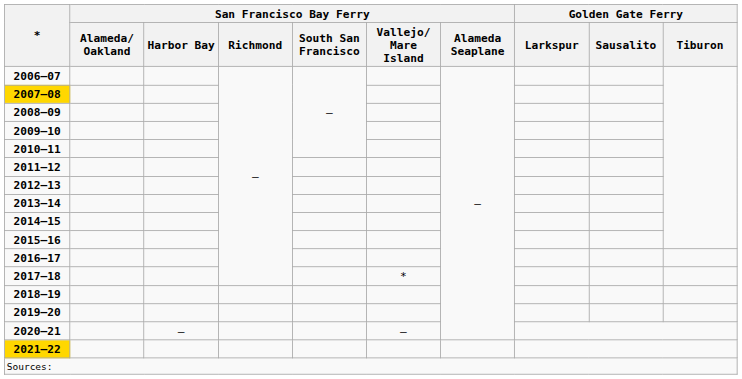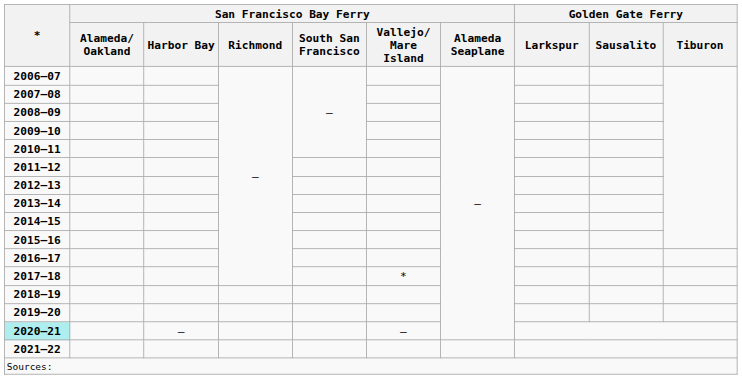 <table class="wikitable" border="1">
 <tr>
 <th style="width: 70px" rowspan=2>*</th>
 <th colspan=6>San Francisco Bay Ferry</th>
 <th colspan=3>Golden Gate Ferry</th>
 </tr>
 <tr>
 <th style="width: 80px">Alameda/<br>Oakland</th>
 <th style="width: 80px">Harbor Bay</th>
 <th style="width: 80px">Richmond</th>
 <th style="width: 80px">South San Francisco</th>
 <th style="width: 80px">Vallejo/<br>Mare Island</th>
 <th style="width: 80px">Alameda<br>Seaplane</th>
 <th style="width: 80px">Larkspur</th>
 <th style="width: 80px">Sausalito</th>
 <th style="width: 80px">Tiburon</th>
 </tr>
 <tr style="text-align:center;">
 <td><strong>2006–07</strong></td>
 <td></td>
 <td></td>
 <td rowspan=12>—</td>
 <td rowspan=5>—</td>
 <td></td>
 <td rowspan=15>—</td>
 <td></td>
 <td></td>
 </tr>
 <tr style="text-align:center;">
-<td style="background: gold;"><strong>2007–08</strong></td>
+<td><strong>2007–08</strong></td>
 <td></td>
 <td></td>
 <td></td>
 <td></td>
 <td></td>
 </tr>
 <tr style="text-align:center;">
 <td><strong>2008–09</strong></td>
 <td></td>
 <td></td>
 <td></td>
 <td></td>
 <td></td>
 </tr>
 <tr style="text-align:center;">
 <td><strong>2009–10</strong></td>
 <td></td>
 <td></td>
 <td></td>
 <td></td>
 <td></td>
 </tr>
 <tr style="text-align:center;">
 <td><strong>2010–11</strong></td>
 <td></td>
 <td></td>
 <td></td>
 <td></td>
 <td></td>
 </tr>
 <tr style="text-align:center;">
 <td><strong>2011–12</strong></td>
 <td></td>
 <td></td>
 <td></td>
 <td></td>
 <td></td>
 <td></td>
 </tr>
 <tr style="text-align:center;">
 <td><strong>2012–13</strong></td>
 <td></td>
 <td></td>
 <td></td>
 <td></td>
 <td></td>
 <td></td>
 </tr>
 <tr style="text-align:center;">
 <td><strong>2013–14</strong></td>
 <td></td>
 <td></td>
 <td></td>
 <td></td>
 <td></td>
 <td></td>
 </tr>
 <tr style="text-align:center;">
 <td><strong>2014–15</strong></td>
 <td></td>
 <td></td>
 <td></td>
 <td></td>
 <td></td>
 <td></td>
 </tr>
 <tr style="text-align:center;">
 <td><strong>2015–16</strong></td>
 <td></td>
 <td></td>
 <td></td>
 <td></td>
 <td></td>
 <td></td>
 </tr>
 <tr style="text-align:center;">
 <td><strong>2016–17</strong></td>
 <td></td>
 <td></td>
 <td></td>
 <td></td>
 <td></td>
 <td></td>
 <td></td>
 </tr>
 <tr style="text-align:center;">
 <td><strong>2017–18</strong></td>
 <td></td>
 <td></td>
 <td></td>
 <td>*</td>
 <td></td>
 <td></td>
 <td></td>
 </tr>
 <tr style="text-align:center;">
 <td><strong>2018–19</strong></td>
 <td></td>
 <td></td>
 <td></td>
 <td></td>
 <td></td>
 <td></td>
 <td></td>
 <td></td>
 </tr>
 <tr style="text-align:center;">
 <td><strong>2019–20</strong></td>
 <td></td>
 <td></td>
 <td></td>
 <td></td>
 <td></td>
 <td></td>
 <td></td>
 <td></td>
 </tr>
 <tr style="text-align:center;">
-<td><strong>2020–21</strong></td>
+<td style="background: paleturquoise;"><strong>2020–21</strong></td>
 <td></td>
 <td>—</td>
 <td></td>
 <td></td>
 <td>—</td>
 <td colspan=3></td>
 </tr>
 <tr style="text-align:center;">
-<td style="background: gold;"><strong>2021–22</strong></td>
+<td><strong>2021–22</strong></td>
 <td></td>
 <td></td>
 <td></td>
 <td></td>
 <td></td>
 <td></td>
 <td colspan=3></td>
 </tr>
 <tr>
 <td colspan=10 style="border-top:1px solid black; font-size:85%; text-align:left">Sources:</td>
 </tr>
 </table>
